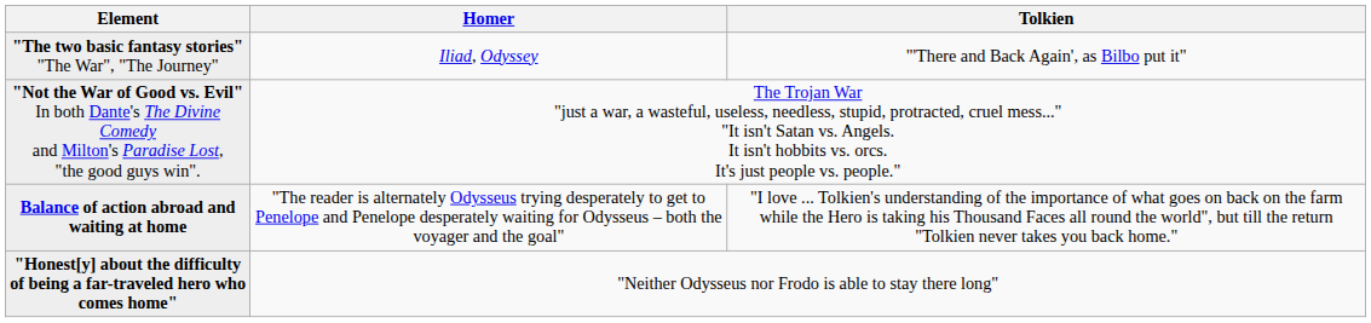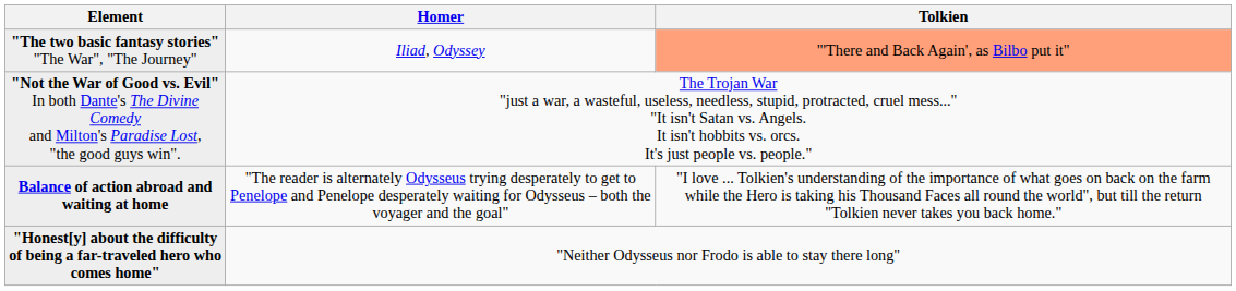 <table class="wikitable" style="margin:1em auto; text-align:center;">
 <tr>
 <th style="width: 220px;">Element</th>
 <th><a href='#'>Homer</a></th>
 <th>Tolkien</th>
 </tr>
 <tr>
 <td style="background-color:#eeeeee"><strong>"The two basic fantasy stories"</strong> "The War", "The Journey"</td>
 <td><em><a href='#'>Iliad</a></em>, <em><a href='#'>Odyssey</a></em></td>
-<td>"'There and Back Again', as <a href='#'>Bilbo</a> put it"</td>
+<td style="background: lightsalmon;">"'There and Back Again', as <a href='#'>Bilbo</a> put it"</td>
 </tr>
 <tr>
 <td style="background-color:#eeeeee"><strong>"Not the War of Good vs. Evil"</strong><br>In both <a href='#'>Dante</a>'s <em><a href='#'>The Divine Comedy</a></em><br>and <a href='#'>Milton</a>'s <em><a href='#'>Paradise Lost</a></em>,<br>"the good guys win".</td>
 <td colspan=2><a href='#'>The Trojan War</a><br>"just a war, a wasteful, useless, needless, stupid, protracted, cruel mess..."<br>"It isn't Satan vs. Angels.<br>It isn't hobbits vs. orcs.<br>It's just people vs. people."</td>
 </tr>
 <tr>
 <td style="background-color:#eeeeee"> <strong><a href='#'>Balance</a> of action abroad and waiting at home</strong></td>
 <td>"The reader  is alternately <a href='#'>Odysseus</a> trying desperately to get to <a href='#'>Penelope</a> and Penelope desperately waiting for Odysseus – both the voyager and the goal"</td>
 <td>"I love ... Tolkien's understanding of the importance of what goes on back on the farm while the Hero is taking his Thousand Faces all round the world", but till the return "Tolkien never takes you back home."</td>
 </tr>
 <tr>
 <td style="background-color:#eeeeee"><strong>"Honest[y] about the difficulty of being a far-traveled hero who comes home"</strong></td>
 <td colspan=2>"Neither Odysseus nor Frodo is able to stay there long"</td>
 </tr>
 </table>
